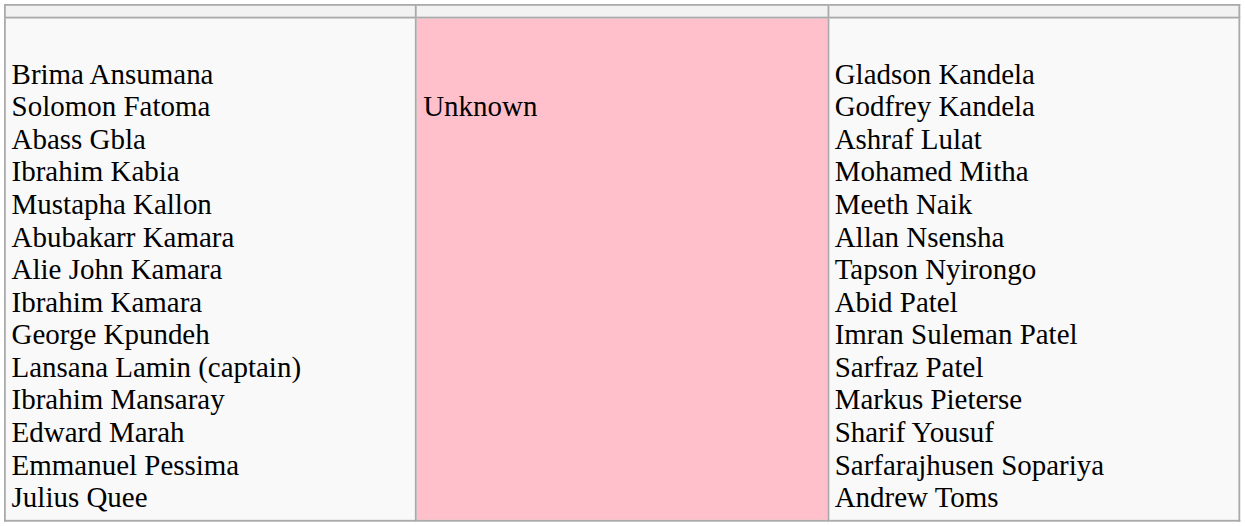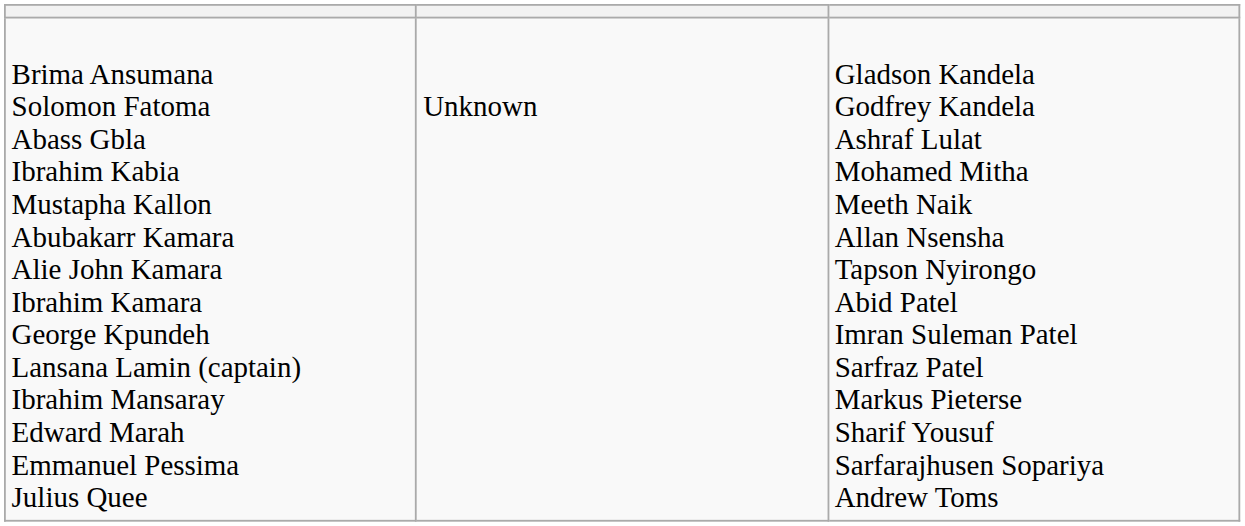 <table class="wikitable">
 <tr>
 <th width=220></th>
 <th width=220></th>
 <th width=220></th>
 </tr>
 <tr>
 <td valign=top><br>Brima Ansumana<br> Solomon Fatoma<br> Abass Gbla<br> Ibrahim Kabia<br> Mustapha Kallon<br> Abubakarr Kamara<br> Alie John Kamara<br> Ibrahim Kamara<br> George Kpundeh<br> Lansana Lamin (captain)<br> Ibrahim Mansaray<br> Edward Marah<br> Emmanuel Pessima<br> Julius Quee</td>
-<td valign=top style="background: pink;"><br><br>Unknown</td>
+<td valign=top><br><br>Unknown</td>
 <td valign=top><br>Gladson Kandela<br> Godfrey Kandela<br> Ashraf Lulat<br> Mohamed Mitha<br> Meeth Naik<br> Allan Nsensha<br> Tapson Nyirongo<br> Abid Patel<br> Imran Suleman Patel<br> Sarfraz Patel<br> Markus Pieterse<br> Sharif Yousuf<br> Sarfarajhusen Sopariya<br> Andrew Toms<br></td>
 </tr>
 </table>
